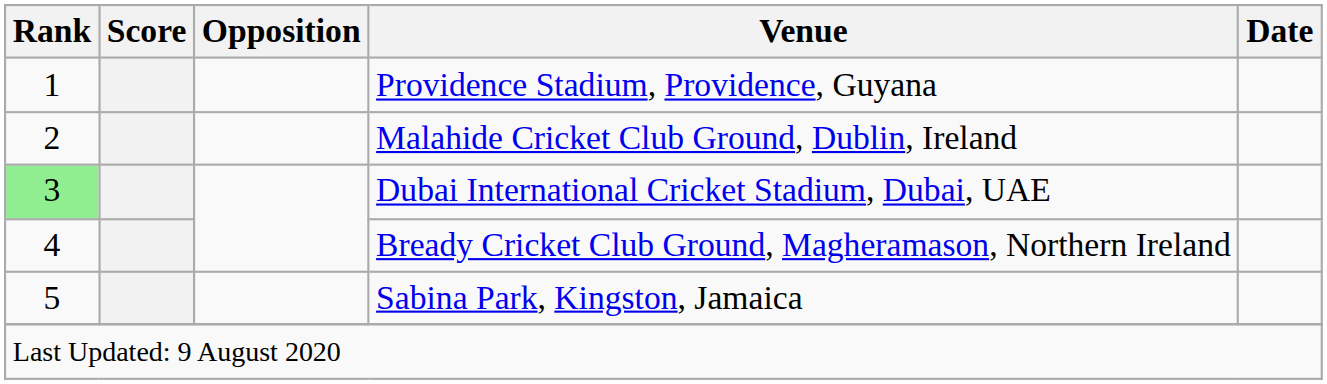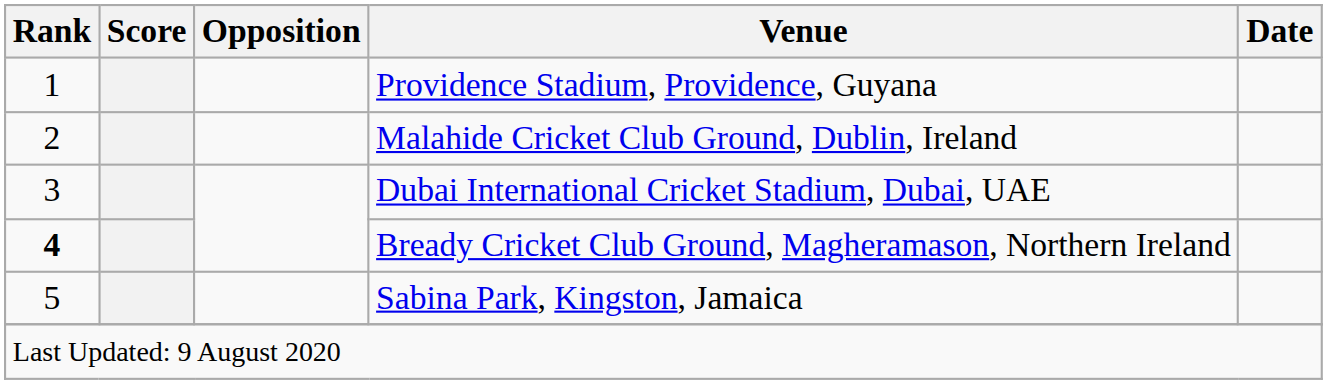 <table class="wikitable plainrowheaders sortable">
 <tr>
 <th scope=col>Rank</th>
 <th scope=col>Score</th>
 <th scope=col>Opposition</th>
 <th scope=col>Venue</th>
 <th scope=col>Date</th>
 </tr>
 <tr>
 <td align=center>1</td>
 <th scope=row style=text-align:center;></th>
 <td></td>
 <td><a href='#'>Providence Stadium</a>, <a href='#'>Providence</a>, Guyana</td>
 <td> </td>
 </tr>
 <tr>
 <td align=center>2</td>
 <th scope=row style=text-align:center;></th>
 <td></td>
 <td><a href='#'>Malahide Cricket Club Ground</a>, <a href='#'>Dublin</a>, Ireland</td>
 <td></td>
 </tr>
 <tr>
-<td align=center style="background: lightgreen;">3</td>
+<td align=center>3</td>
 <th scope=row style=text-align:center;></th>
 <td rowspan=2></td>
 <td><a href='#'>Dubai International Cricket Stadium</a>, <a href='#'>Dubai</a>, UAE</td>
 <td></td>
 </tr>
 <tr>
-<td align=center>4</td>
+<td align=center><strong>4</strong></td>
 <th scope=row style=text-align:center;></th>
 <td><a href='#'>Bready Cricket Club Ground</a>, <a href='#'>Magheramason</a>, Northern Ireland</td>
 <td></td>
 </tr>
 <tr>
 <td align=center>5</td>
 <th scope=row style=text-align:center;></th>
 <td></td>
 <td><a href='#'>Sabina Park</a>, <a href='#'>Kingston</a>, Jamaica</td>
 <td></td>
 </tr>
 <tr>
 </tr>
 <tr class=sortbottom>
 <td colspan=5><small>Last Updated: 9 August 2020</small></td>
 </tr>
 </table>
